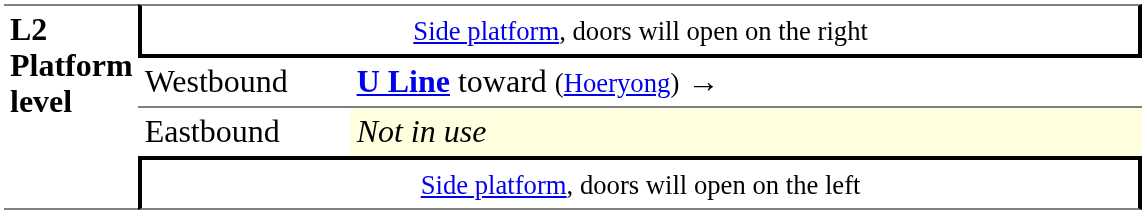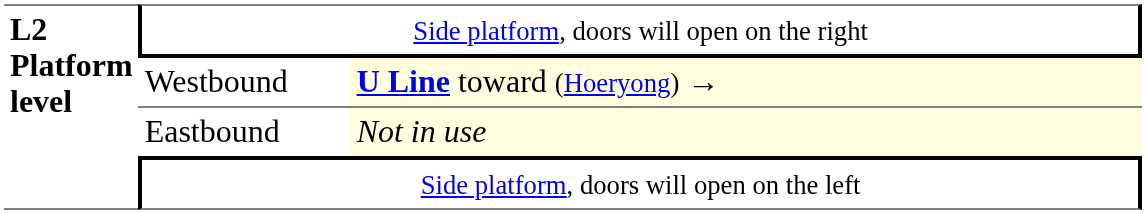 <table table border=0 cellspacing=0 cellpadding=3>
 <tr>
 <td style="border-top:solid 1px gray;border-bottom:solid 1px gray;" width=50 rowspan=10 valign=top><strong>L2<br>Platform level</strong></td>
 <td style="border-top:solid 1px gray;border-right:solid 2px black;border-left:solid 2px black;border-bottom:solid 2px black;text-align:center;" colspan=2><small><a href='#'>Side platform</a>, doors will open on the right </small></td>
 </tr>
 <tr>
 <td>Westbound</td>
-<td> <a href='#'><span><strong>U Line</strong></span></a> toward  <small>(<a href='#'>Hoeryong</a>)</small> →</td>
+<td style="background: lightyellow;"> <a href='#'><span><strong>U Line</strong></span></a> toward  <small>(<a href='#'>Hoeryong</a>)</small> →</td>
 </tr>
 <tr>
 <td style="border-bottom:solid 0px gray;border-top:solid 1px gray;" width=100>Eastbound</td>
 <td style="background: lightyellow; border-bottom:solid 0px gray;border-top:solid 1px gray;" width=390> <em>Not in use</em></td>
 </tr>
 <tr>
 <td style="border-top:solid 2px black;border-right:solid 2px black;border-left:solid 2px black;border-bottom:solid 1px gray;text-align:center;" colspan=2><small><a href='#'>Side platform</a>, doors will open on the left </small></td>
 </tr>
 </table>
